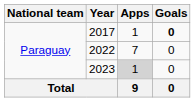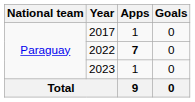 <table class="wikitable" style="text-align:center">
 <tr>
 <th>National team</th>
 <th>Year</th>
 <th>Apps</th>
 <th>Goals</th>
 </tr>
 <tr>
 <td rowspan="3"><a href='#'>Paraguay</a></td>
 <td>2017</td>
 <td>1</td>
-<td><strong>0</strong></td>
+<td>0</td>
 </tr>
 <tr>
 <td>2022</td>
-<td>7</td>
+<td><strong>7</strong></td>
 <td>0</td>
 </tr>
 <tr>
 <td>2023</td>
-<td style="background: lightgrey;">1</td>
+<td>1</td>
 <td>0</td>
 </tr>
 <tr>
 <th colspan="2">Total</th>
 <th>9</th>
 <th>0</th>
 </tr>
 </table>
